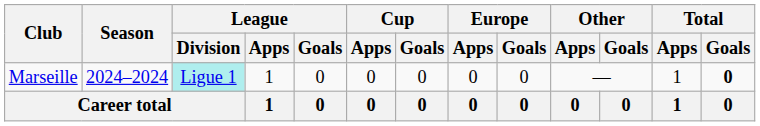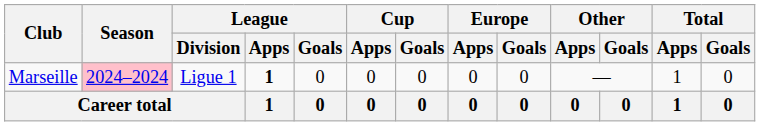 <table class="wikitable" style="text-align:center">
 <tr>
 <th rowspan="2">Club</th>
 <th rowspan="2">Season</th>
 <th colspan="3">League</th>
 <th colspan="2">Cup</th>
 <th colspan="2">Europe</th>
 <th colspan="2">Other</th>
 <th colspan="2">Total</th>
 </tr>
 <tr>
 <th>Division</th>
 <th>Apps</th>
 <th>Goals</th>
 <th>Apps</th>
 <th>Goals</th>
 <th>Apps</th>
 <th>Goals</th>
 <th>Apps</th>
 <th>Goals</th>
 <th>Apps</th>
 <th>Goals</th>
 </tr>
 <tr>
 <td rowspan="1"><a href='#'>Marseille</a></td>
-<td><a href='#'>2024–2024</a></td>
-<td style="background: paleturquoise;"><a href='#'>Ligue 1</a></td>
-<td>1</td>
+<td style="background: pink;"><a href='#'>2024–2024</a></td>
+<td><a href='#'>Ligue 1</a></td>
+<td><strong>1</strong></td>
 <td>0</td>
 <td>0</td>
 <td>0</td>
 <td>0</td>
 <td>0</td>
 <td colspan="2">—</td>
 <td>1</td>
-<td><strong>0</strong></td>
+<td>0</td>
 </tr>
 <tr>
 <th colspan="3">Career total</th>
 <th>1</th>
 <th>0</th>
 <th>0</th>
 <th>0</th>
 <th>0</th>
 <th>0</th>
 <th>0</th>
 <th>0</th>
 <th>1</th>
 <th>0</th>
 </tr>
 </table>
